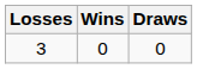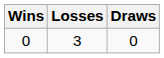 <table class="wikitable">
 <tr>
+<th>Wins</th>
 <th>Losses</th>
-<th>Wins</th>
 <th>Draws</th>
 </tr>
 <tr>
+<td align=center>0</td>
 <td align=center>3</td>
-<td align=center>0</td>
 <td align=center>0</td>
 </tr>
 </table>
